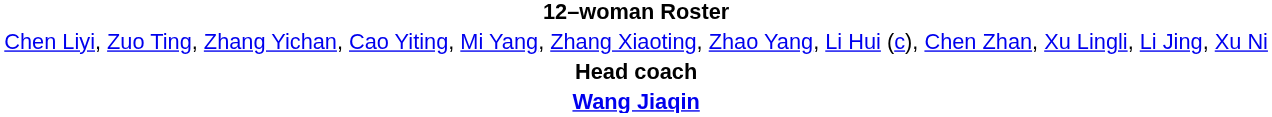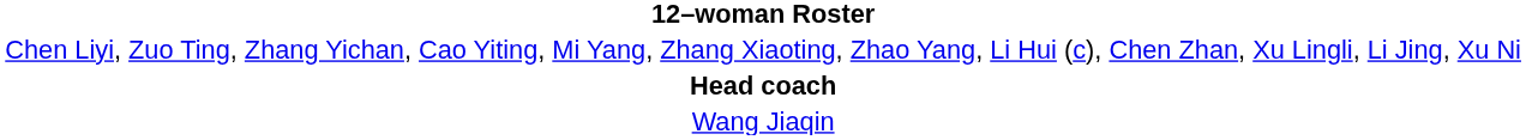 <table style="text-align:center; margin-top:2em; margin-left:auto; margin-right:auto">
 <tr>
 <td><strong>12–woman Roster</strong></td>
 </tr>
 <tr>
 <td><a href='#'>Chen Liyi</a>, <a href='#'>Zuo Ting</a>, <a href='#'>Zhang Yichan</a>, <a href='#'>Cao Yiting</a>, <a href='#'>Mi Yang</a>, <a href='#'>Zhang Xiaoting</a>, <a href='#'>Zhao Yang</a>, <a href='#'>Li Hui</a> (<a href='#'>c</a>), <a href='#'>Chen Zhan</a>, <a href='#'>Xu Lingli</a>, <a href='#'>Li Jing</a>, <a href='#'>Xu Ni</a></td>
 </tr>
 <tr>
 <td><strong>Head coach</strong></td>
 </tr>
 <tr>
-<td><strong><a href='#'>Wang Jiaqin</a></strong></td>
+<td><a href='#'>Wang Jiaqin</a></td>
 </tr>
 </table>
